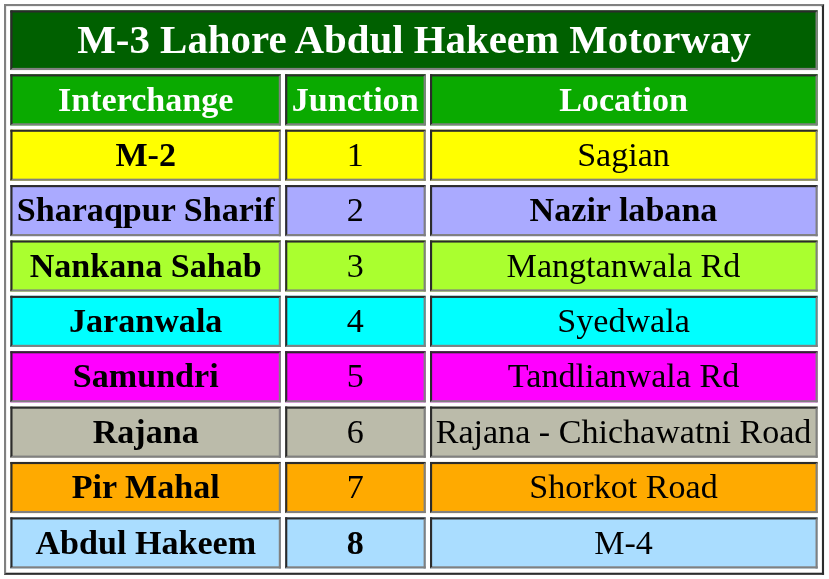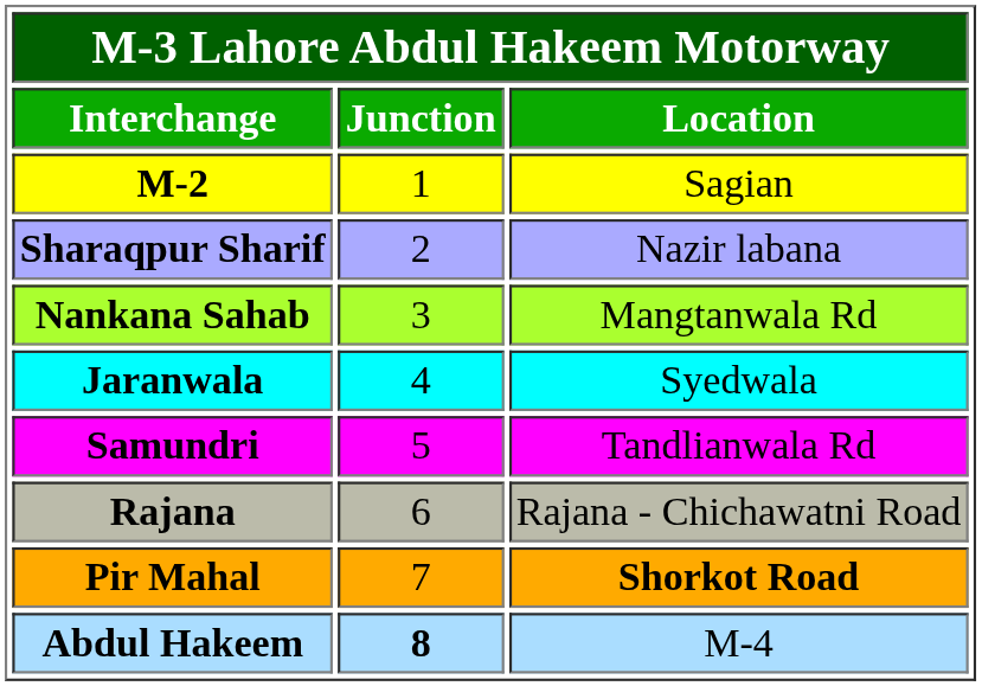 <table border=1 cellpadding=2style="margin-left:1em;margin-bottom:1em; color:black; border-collaps: collaps;font-size: 95%;">
 <tr align="center" style="background:#006000;color: white;font-size:120%;">
 <td colspan="3"><strong>M-3 Lahore Abdul Hakeem Motorway</strong></td>
 </tr>
 <tr align="center" style="background:#0aaa00; color:white;">
 <td><strong>Interchange</strong></td>
 <td><strong>Junction</strong></td>
 <td><strong>Location</strong></td>
 </tr>
 <tr align="center">
 <td bgcolor="#ffff00"><strong>M-2</strong></td>
 <td bgcolor="#ffff00">1</td>
 <td bgcolor="#ffff00">Sagian</td>
 </tr>
 <tr align="center">
 <td bgcolor="#aaaaff"><strong>Sharaqpur Sharif </strong></td>
 <td bgcolor="#aaaaff">2</td>
-<td bgcolor="#aaaaff"><strong>Nazir labana</strong></td>
+<td bgcolor="#aaaaff">Nazir labana</td>
 </tr>
 <tr align="center">
 <td bgcolor="#aaff2f"><strong>Nankana Sahab</strong></td>
 <td bgcolor="#aaff2f">3</td>
 <td bgcolor="#aaff2f">Mangtanwala Rd</td>
 </tr>
 <tr align="center">
 <td bgcolor="#00ffff"><strong>Jaranwala</strong></td>
 <td bgcolor="#00ffff">4</td>
 <td bgcolor="#00ffff">Syedwala</td>
 </tr>
 <tr align="center">
 <td bgcolor="#ff00ff"><strong>Samundri</strong></td>
 <td bgcolor="#ff00ff">5</td>
 <td bgcolor="#ff00ff">Tandlianwala Rd</td>
 </tr>
 <tr align="center">
 <td bgcolor="#bbbbaa"><strong>Rajana</strong></td>
 <td bgcolor="#bbbbaa">6</td>
 <td bgcolor="#bbbbaa">Rajana - Chichawatni Road</td>
 </tr>
 <tr align="center">
 <td bgcolor="#ffaa00"><strong>Pir Mahal </strong></td>
 <td bgcolor="#ffaa00">7</td>
-<td bgcolor="#ffaa00">Shorkot Road</td>
+<td bgcolor="#ffaa00"><strong>Shorkot Road</strong></td>
 </tr>
 <tr align="center">
 <td bgcolor="#aaddff"><strong>Abdul Hakeem</strong></td>
 <td bgcolor="#aaddff"><strong>8</strong></td>
 <td bgcolor="#aaddff">M-4</td>
 </tr>
 </table>
